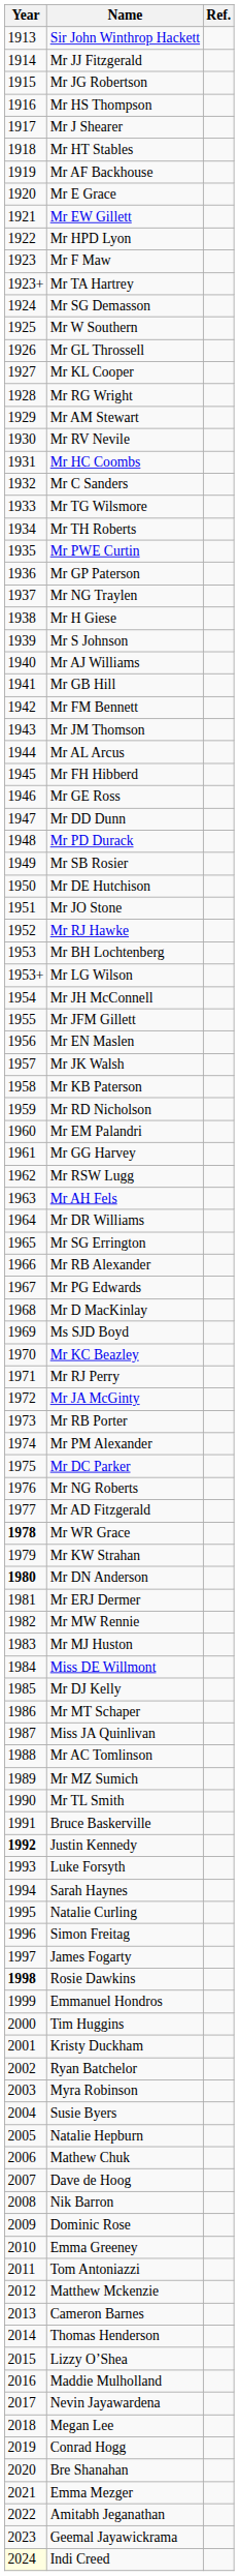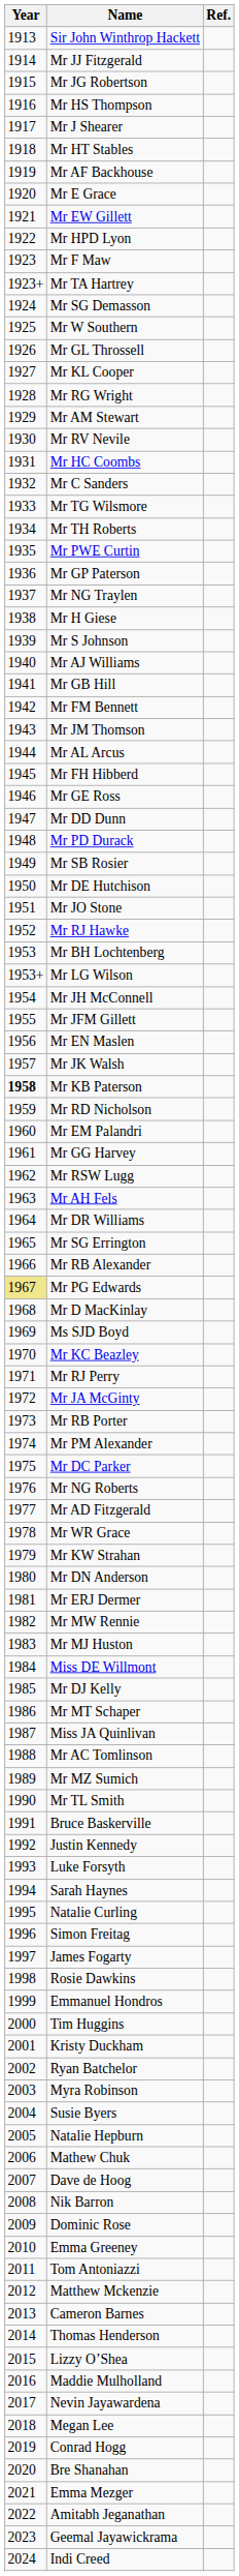 <table class="wikitable sortable mw-collapsible">
 <tr>
 <th>Year</th>
 <th>Name</th>
 <th>Ref.</th>
 </tr>
 <tr>
 <td>1913</td>
 <td><a href='#'>Sir John Winthrop Hackett</a></td>
 <td></td>
 </tr>
 <tr>
 <td>1914</td>
 <td>Mr JJ Fitzgerald</td>
 <td></td>
 </tr>
 <tr>
 <td>1915</td>
 <td>Mr JG Robertson</td>
 <td></td>
 </tr>
 <tr>
 <td>1916</td>
 <td>Mr HS Thompson</td>
 <td></td>
 </tr>
 <tr>
 <td>1917</td>
 <td>Mr J Shearer</td>
 <td></td>
 </tr>
 <tr>
 <td>1918</td>
 <td>Mr HT Stables</td>
 <td></td>
 </tr>
 <tr>
 <td>1919</td>
 <td>Mr AF Backhouse</td>
 <td></td>
 </tr>
 <tr>
 <td>1920</td>
 <td>Mr E Grace</td>
 <td></td>
 </tr>
 <tr>
 <td>1921</td>
 <td><a href='#'>Mr EW Gillett</a></td>
 <td></td>
 </tr>
 <tr>
 <td>1922</td>
 <td>Mr HPD Lyon</td>
 <td></td>
 </tr>
 <tr>
 <td>1923</td>
 <td>Mr F Maw</td>
 <td></td>
 </tr>
 <tr>
 <td>1923+</td>
 <td>Mr TA Hartrey</td>
 <td></td>
 </tr>
 <tr>
 <td>1924</td>
 <td>Mr SG Demasson</td>
 <td></td>
 </tr>
 <tr>
 <td>1925</td>
 <td>Mr W Southern</td>
 <td></td>
 </tr>
 <tr>
 <td>1926</td>
 <td>Mr GL Throssell</td>
 <td></td>
 </tr>
 <tr>
 <td>1927</td>
 <td>Mr KL Cooper</td>
 <td></td>
 </tr>
 <tr>
 <td>1928</td>
 <td>Mr RG Wright</td>
 <td></td>
 </tr>
 <tr>
 <td>1929</td>
 <td>Mr AM Stewart</td>
 <td></td>
 </tr>
 <tr>
 <td>1930</td>
 <td>Mr RV Nevile</td>
 <td></td>
 </tr>
 <tr>
 <td>1931</td>
 <td><a href='#'>Mr HC Coombs</a></td>
 <td></td>
 </tr>
 <tr>
 <td>1932</td>
 <td>Mr C Sanders</td>
 <td></td>
 </tr>
 <tr>
 <td>1933</td>
 <td>Mr TG Wilsmore</td>
 <td></td>
 </tr>
 <tr>
 <td>1934</td>
 <td>Mr TH Roberts</td>
 <td></td>
 </tr>
 <tr>
 <td>1935</td>
 <td><a href='#'>Mr PWE Curtin</a></td>
 <td></td>
 </tr>
 <tr>
 <td>1936</td>
 <td>Mr GP Paterson</td>
 <td></td>
 </tr>
 <tr>
 <td>1937</td>
 <td>Mr NG Traylen</td>
 <td></td>
 </tr>
 <tr>
 <td>1938</td>
 <td>Mr H Giese</td>
 <td></td>
 </tr>
 <tr>
 <td>1939</td>
 <td>Mr S Johnson</td>
 <td></td>
 </tr>
 <tr>
 <td>1940</td>
 <td>Mr AJ Williams</td>
 <td></td>
 </tr>
 <tr>
 <td>1941</td>
 <td>Mr GB Hill</td>
 <td></td>
 </tr>
 <tr>
 <td>1942</td>
 <td>Mr FM Bennett</td>
 <td></td>
 </tr>
 <tr>
 <td>1943</td>
 <td>Mr JM Thomson</td>
 <td></td>
 </tr>
 <tr>
 <td>1944</td>
 <td>Mr AL Arcus</td>
 <td></td>
 </tr>
 <tr>
 <td>1945</td>
 <td>Mr FH Hibberd</td>
 <td></td>
 </tr>
 <tr>
 <td>1946</td>
 <td>Mr GE Ross</td>
 <td></td>
 </tr>
 <tr>
 <td>1947</td>
 <td>Mr DD Dunn</td>
 <td></td>
 </tr>
 <tr>
 <td>1948</td>
 <td><a href='#'>Mr PD Durack</a></td>
 <td></td>
 </tr>
 <tr>
 <td>1949</td>
 <td>Mr SB Rosier</td>
 <td></td>
 </tr>
 <tr>
 <td>1950</td>
 <td>Mr DE Hutchison</td>
 <td></td>
 </tr>
 <tr>
 <td>1951</td>
 <td>Mr JO Stone</td>
 <td></td>
 </tr>
 <tr>
 <td>1952</td>
 <td><a href='#'>Mr RJ Hawke</a></td>
 <td></td>
 </tr>
 <tr>
 <td>1953</td>
 <td>Mr BH Lochtenberg</td>
 <td></td>
 </tr>
 <tr>
 <td>1953+</td>
 <td>Mr LG Wilson</td>
 <td></td>
 </tr>
 <tr>
 <td>1954</td>
 <td>Mr JH McConnell</td>
 <td></td>
 </tr>
 <tr>
 <td>1955</td>
 <td>Mr JFM Gillett</td>
 <td></td>
 </tr>
 <tr>
 <td>1956</td>
 <td>Mr EN Maslen</td>
 <td></td>
 </tr>
 <tr>
 <td>1957</td>
 <td>Mr JK Walsh</td>
 <td></td>
 </tr>
 <tr>
-<td>1958</td>
+<td><strong>1958</strong></td>
 <td>Mr KB Paterson</td>
 <td></td>
 </tr>
 <tr>
 <td>1959</td>
 <td>Mr RD Nicholson</td>
 <td></td>
 </tr>
 <tr>
 <td>1960</td>
 <td>Mr EM Palandri</td>
 <td></td>
 </tr>
 <tr>
 <td>1961</td>
 <td>Mr GG Harvey</td>
 <td></td>
 </tr>
 <tr>
 <td>1962</td>
 <td>Mr RSW Lugg</td>
 <td></td>
 </tr>
 <tr>
 <td>1963</td>
 <td><a href='#'>Mr AH Fels</a></td>
 <td></td>
 </tr>
 <tr>
 <td>1964</td>
 <td>Mr DR Williams</td>
 <td></td>
 </tr>
 <tr>
 <td>1965</td>
 <td>Mr SG Errington</td>
 <td></td>
 </tr>
 <tr>
 <td>1966</td>
 <td>Mr RB Alexander</td>
 <td></td>
 </tr>
 <tr>
-<td>1967</td>
+<td style="background: khaki;">1967</td>
 <td>Mr PG Edwards</td>
 <td></td>
 </tr>
 <tr>
 <td>1968</td>
 <td>Mr D MacKinlay</td>
 <td></td>
 </tr>
 <tr>
 <td>1969</td>
 <td>Ms SJD Boyd</td>
 <td></td>
 </tr>
 <tr>
 <td>1970</td>
 <td><a href='#'>Mr KC Beazley</a></td>
 <td></td>
 </tr>
 <tr>
 <td>1971</td>
 <td>Mr RJ Perry</td>
 <td></td>
 </tr>
 <tr>
 <td>1972</td>
 <td><a href='#'>Mr JA McGinty</a></td>
 <td></td>
 </tr>
 <tr>
 <td>1973</td>
 <td>Mr RB Porter</td>
 <td></td>
 </tr>
 <tr>
 <td>1974</td>
 <td>Mr PM Alexander</td>
 <td></td>
 </tr>
 <tr>
 <td>1975</td>
 <td><a href='#'>Mr DC Parker</a></td>
 <td></td>
 </tr>
 <tr>
 <td>1976</td>
 <td>Mr NG Roberts</td>
 <td></td>
 </tr>
 <tr>
 <td>1977</td>
 <td>Mr AD Fitzgerald</td>
 <td></td>
 </tr>
 <tr>
-<td><strong>1978</strong></td>
+<td>1978</td>
 <td>Mr WR Grace</td>
 <td></td>
 </tr>
 <tr>
 <td>1979</td>
 <td>Mr KW Strahan</td>
 <td></td>
 </tr>
 <tr>
-<td><strong>1980</strong></td>
+<td>1980</td>
 <td>Mr DN Anderson</td>
 <td></td>
 </tr>
 <tr>
 <td>1981</td>
 <td>Mr ERJ Dermer</td>
 <td></td>
 </tr>
 <tr>
 <td>1982</td>
 <td>Mr MW Rennie</td>
 <td></td>
 </tr>
 <tr>
 <td>1983</td>
 <td>Mr MJ Huston</td>
 <td></td>
 </tr>
 <tr>
 <td>1984</td>
 <td><a href='#'>Miss DE Willmont</a></td>
 <td></td>
 </tr>
 <tr>
 <td>1985</td>
 <td>Mr DJ Kelly</td>
 <td></td>
 </tr>
 <tr>
 <td>1986</td>
 <td>Mr MT Schaper</td>
 <td></td>
 </tr>
 <tr>
 <td>1987</td>
 <td>Miss JA Quinlivan</td>
 <td></td>
 </tr>
 <tr>
 <td>1988</td>
 <td>Mr AC Tomlinson</td>
 <td></td>
 </tr>
 <tr>
 <td>1989</td>
 <td>Mr MZ Sumich</td>
 <td></td>
 </tr>
 <tr>
 <td>1990</td>
 <td>Mr TL Smith</td>
 <td></td>
 </tr>
 <tr>
 <td>1991</td>
 <td>Bruce Baskerville</td>
 <td></td>
 </tr>
 <tr>
-<td><strong>1992</strong></td>
+<td>1992</td>
 <td>Justin Kennedy</td>
 <td></td>
 </tr>
 <tr>
 <td>1993</td>
 <td>Luke Forsyth</td>
 <td></td>
 </tr>
 <tr>
 <td>1994</td>
 <td>Sarah Haynes</td>
 <td></td>
 </tr>
 <tr>
 <td>1995</td>
 <td>Natalie Curling</td>
 <td></td>
 </tr>
 <tr>
 <td>1996</td>
 <td>Simon Freitag</td>
 <td></td>
 </tr>
 <tr>
 <td>1997</td>
 <td>James Fogarty</td>
 <td></td>
 </tr>
 <tr>
-<td><strong>1998</strong></td>
+<td>1998</td>
 <td>Rosie Dawkins</td>
 <td></td>
 </tr>
 <tr>
 <td>1999</td>
 <td>Emmanuel Hondros</td>
 <td></td>
 </tr>
 <tr>
 <td>2000</td>
 <td>Tim Huggins</td>
 <td></td>
 </tr>
 <tr>
 <td>2001</td>
 <td>Kristy Duckham</td>
 <td></td>
 </tr>
 <tr>
 <td>2002</td>
 <td>Ryan Batchelor</td>
 <td></td>
 </tr>
 <tr>
 <td>2003</td>
 <td>Myra Robinson</td>
 <td></td>
 </tr>
 <tr>
 <td>2004</td>
 <td>Susie Byers</td>
 <td></td>
 </tr>
 <tr>
 <td>2005</td>
 <td>Natalie Hepburn</td>
 <td></td>
 </tr>
 <tr>
 <td>2006</td>
 <td>Mathew Chuk</td>
 <td></td>
 </tr>
 <tr>
 <td>2007</td>
 <td>Dave de Hoog</td>
 <td></td>
 </tr>
 <tr>
 <td>2008</td>
 <td>Nik Barron</td>
 <td></td>
 </tr>
 <tr>
 <td>2009</td>
 <td>Dominic Rose</td>
 <td></td>
 </tr>
 <tr>
 <td>2010</td>
 <td>Emma Greeney</td>
 <td></td>
 </tr>
 <tr>
 <td>2011</td>
 <td>Tom Antoniazzi</td>
 <td></td>
 </tr>
 <tr>
 <td>2012</td>
 <td>Matthew Mckenzie</td>
 <td></td>
 </tr>
 <tr>
 <td>2013</td>
 <td>Cameron Barnes</td>
 <td></td>
 </tr>
 <tr>
 <td>2014</td>
 <td>Thomas Henderson</td>
 <td></td>
 </tr>
 <tr>
 <td>2015</td>
 <td>Lizzy O’Shea</td>
 <td></td>
 </tr>
 <tr>
 <td>2016</td>
 <td>Maddie Mulholland</td>
 <td></td>
 </tr>
 <tr>
 <td>2017</td>
 <td>Nevin Jayawardena</td>
 <td></td>
 </tr>
 <tr>
 <td>2018</td>
 <td>Megan Lee</td>
 <td></td>
 </tr>
 <tr>
 <td>2019</td>
 <td>Conrad Hogg</td>
 <td></td>
 </tr>
 <tr>
 <td>2020</td>
 <td>Bre Shanahan</td>
 <td></td>
 </tr>
 <tr>
 <td>2021</td>
 <td>Emma Mezger</td>
 <td></td>
 </tr>
 <tr>
 <td>2022</td>
 <td>Amitabh Jeganathan</td>
 <td></td>
 </tr>
 <tr>
 <td>2023</td>
 <td>Geemal Jayawickrama</td>
 <td></td>
 </tr>
 <tr>
-<td style="background: lightyellow;">2024</td>
+<td>2024</td>
 <td>Indi Creed</td>
 <td></td>
 </tr>
 </table>
